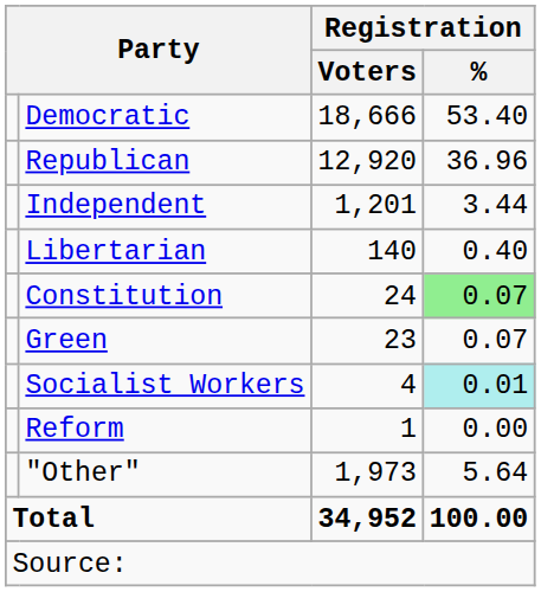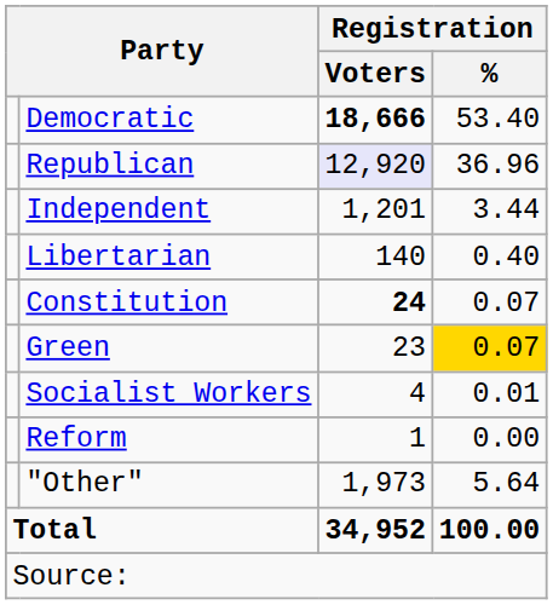 <table class="wikitable">
 <tr>
 <th colspan="2" rowspan="2">Party</th>
 <th colspan="2">Registration</th>
 </tr>
 <tr>
 <th>Voters</th>
 <th>%</th>
 </tr>
 <tr>
 <td style="background-color:"></td>
 <td><a href='#'>Democratic</a></td>
-<td style="text-align:right;">18,666</td>
+<td style="text-align:right;"><strong>18,666</strong></td>
 <td style="text-align:right;">53.40</td>
 </tr>
 <tr>
 <td style="background-color:"></td>
 <td><a href='#'>Republican</a></td>
-<td style="text-align:right;">12,920</td>
+<td style="background: lavender; text-align:right;">12,920</td>
 <td style="text-align:right;">36.96</td>
 </tr>
 <tr>
 <td style="background-color:"></td>
 <td><a href='#'>Independent</a></td>
 <td style="text-align:right;">1,201</td>
 <td style="text-align:right;">3.44</td>
 </tr>
 <tr>
 <td style="background-color:"></td>
 <td><a href='#'>Libertarian</a></td>
 <td style="text-align:right;">140</td>
 <td style="text-align:right;">0.40</td>
 </tr>
 <tr>
 <td style="background-color:"></td>
 <td><a href='#'>Constitution</a></td>
-<td style="text-align:right;">24</td>
-<td style="background: lightgreen; text-align:right;">0.07</td>
+<td style="text-align:right;"><strong>24</strong></td>
+<td style="text-align:right;">0.07</td>
 </tr>
 <tr>
 <td style="background-color:"></td>
 <td><a href='#'>Green</a></td>
 <td style="text-align:right;">23</td>
-<td style="text-align:right;">0.07</td>
+<td style="background: gold; text-align:right;">0.07</td>
 </tr>
 <tr>
 <td style="background-color:"></td>
 <td><a href='#'>Socialist Workers</a></td>
 <td style="text-align:right;">4</td>
-<td style="background: paleturquoise; text-align:right;">0.01</td>
+<td style="text-align:right;">0.01</td>
 </tr>
 <tr>
 <td style="background-color:"></td>
 <td><a href='#'>Reform</a></td>
 <td style="text-align:right;">1</td>
 <td style="text-align:right;">0.00</td>
 </tr>
 <tr>
 <td></td>
 <td>"Other"</td>
 <td style="text-align:right;">1,973</td>
 <td style="text-align:right;">5.64</td>
 </tr>
 <tr>
 <td colspan="2"><strong>Total</strong></td>
 <td style="text-align:right;"><strong>34,952</strong></td>
 <td style="text-align:right;"><strong>100.00</strong></td>
 </tr>
 <tr>
 <td colspan="4">Source: <em></em></td>
 </tr>
 </table>
